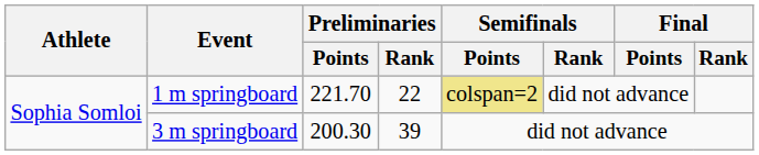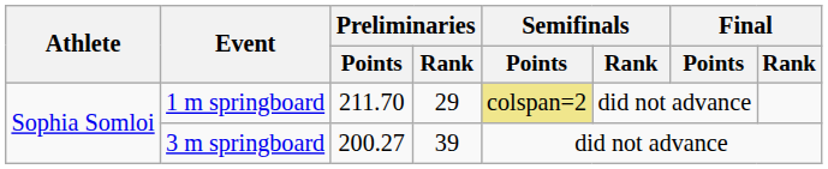 <table class=wikitable style="font-size:90%;">
 <tr>
 <th rowspan="2">Athlete</th>
 <th rowspan="2">Event</th>
 <th colspan="2">Preliminaries</th>
 <th colspan="2">Semifinals</th>
 <th colspan="2">Final</th>
 </tr>
 <tr style="font-size:95%">
 <th>Points</th>
 <th>Rank</th>
 <th>Points</th>
 <th>Rank</th>
 <th>Points</th>
 <th>Rank</th>
 </tr>
 <tr align=center>
 <td align=left rowspan=2><a href='#'>Sophia Somloi</a></td>
 <td align=left><a href='#'>1 m springboard</a></td>
-<td>221.70</td>
-<td>22</td>
+<td>211.70</td>
+<td>29</td>
 <td style="background: khaki;">colspan=2 </td>
 <td colspan=2>did not advance</td>
 </tr>
 <tr align=center>
 <td align=left><a href='#'>3 m springboard</a></td>
-<td>200.30</td>
+<td>200.27</td>
 <td>39</td>
 <td colspan=4>did not advance</td>
 </tr>
 </table>
